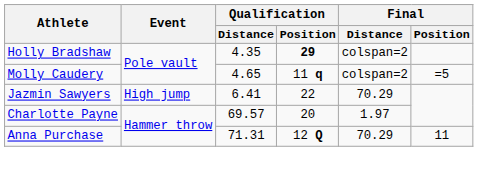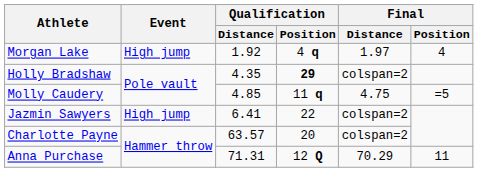 <table class=wikitable style=font-size:90%>
 <tr>
 <th rowspan=2>Athlete</th>
 <th rowspan=2>Event</th>
 <th colspan=2>Qualification</th>
 <th colspan=2>Final</th>
 </tr>
 <tr style=font-size:95%>
 <th>Distance</th>
 <th>Position</th>
 <th>Distance</th>
 <th>Position</th>
 </tr>
 <tr align=center>
+<td align=left><a href='#'>Morgan Lake</a></td>
+<td align=left><a href='#'>High jump</a></td>
+<td>1.92</td>
+<td>4 <strong>q</strong></td>
+<td>1.97</td>
+<td>4</td>
+</tr>
+<tr align=center>
 <td align=left><a href='#'>Holly Bradshaw</a></td>
 <td align=left rowspan=2><a href='#'>Pole vault</a></td>
 <td>4.35</td>
 <td><strong>29</strong></td>
 <td>colspan=2 </td>
 </tr>
 <tr align=center>
 <td align=left><a href='#'>Molly Caudery</a></td>
-<td>4.65</td>
+<td>4.85</td>
 <td>11 <strong>q</strong></td>
-<td>colspan=2 </td>
+<td>4.75 </td>
 <td>=5</td>
 </tr>
 <tr align=center>
 <td align=left><a href='#'>Jazmin Sawyers</a></td>
 <td align=left><a href='#'>High jump</a></td>
 <td>6.41</td>
 <td>22</td>
-<td>70.29</td>
+<td>colspan=2 </td>
 </tr>
 <tr align=center>
 <td align=left><a href='#'>Charlotte Payne</a></td>
 <td align=left rowspan=2><a href='#'>Hammer throw</a></td>
-<td>69.57</td>
+<td>63.57</td>
 <td>20</td>
-<td>1.97</td>
+<td>colspan=2 </td>
 </tr>
 <tr align=center>
 <td align=left><a href='#'>Anna Purchase</a></td>
 <td>71.31</td>
 <td>12 <strong>Q</strong></td>
 <td>70.29</td>
 <td>11</td>
 </tr>
 </table>
